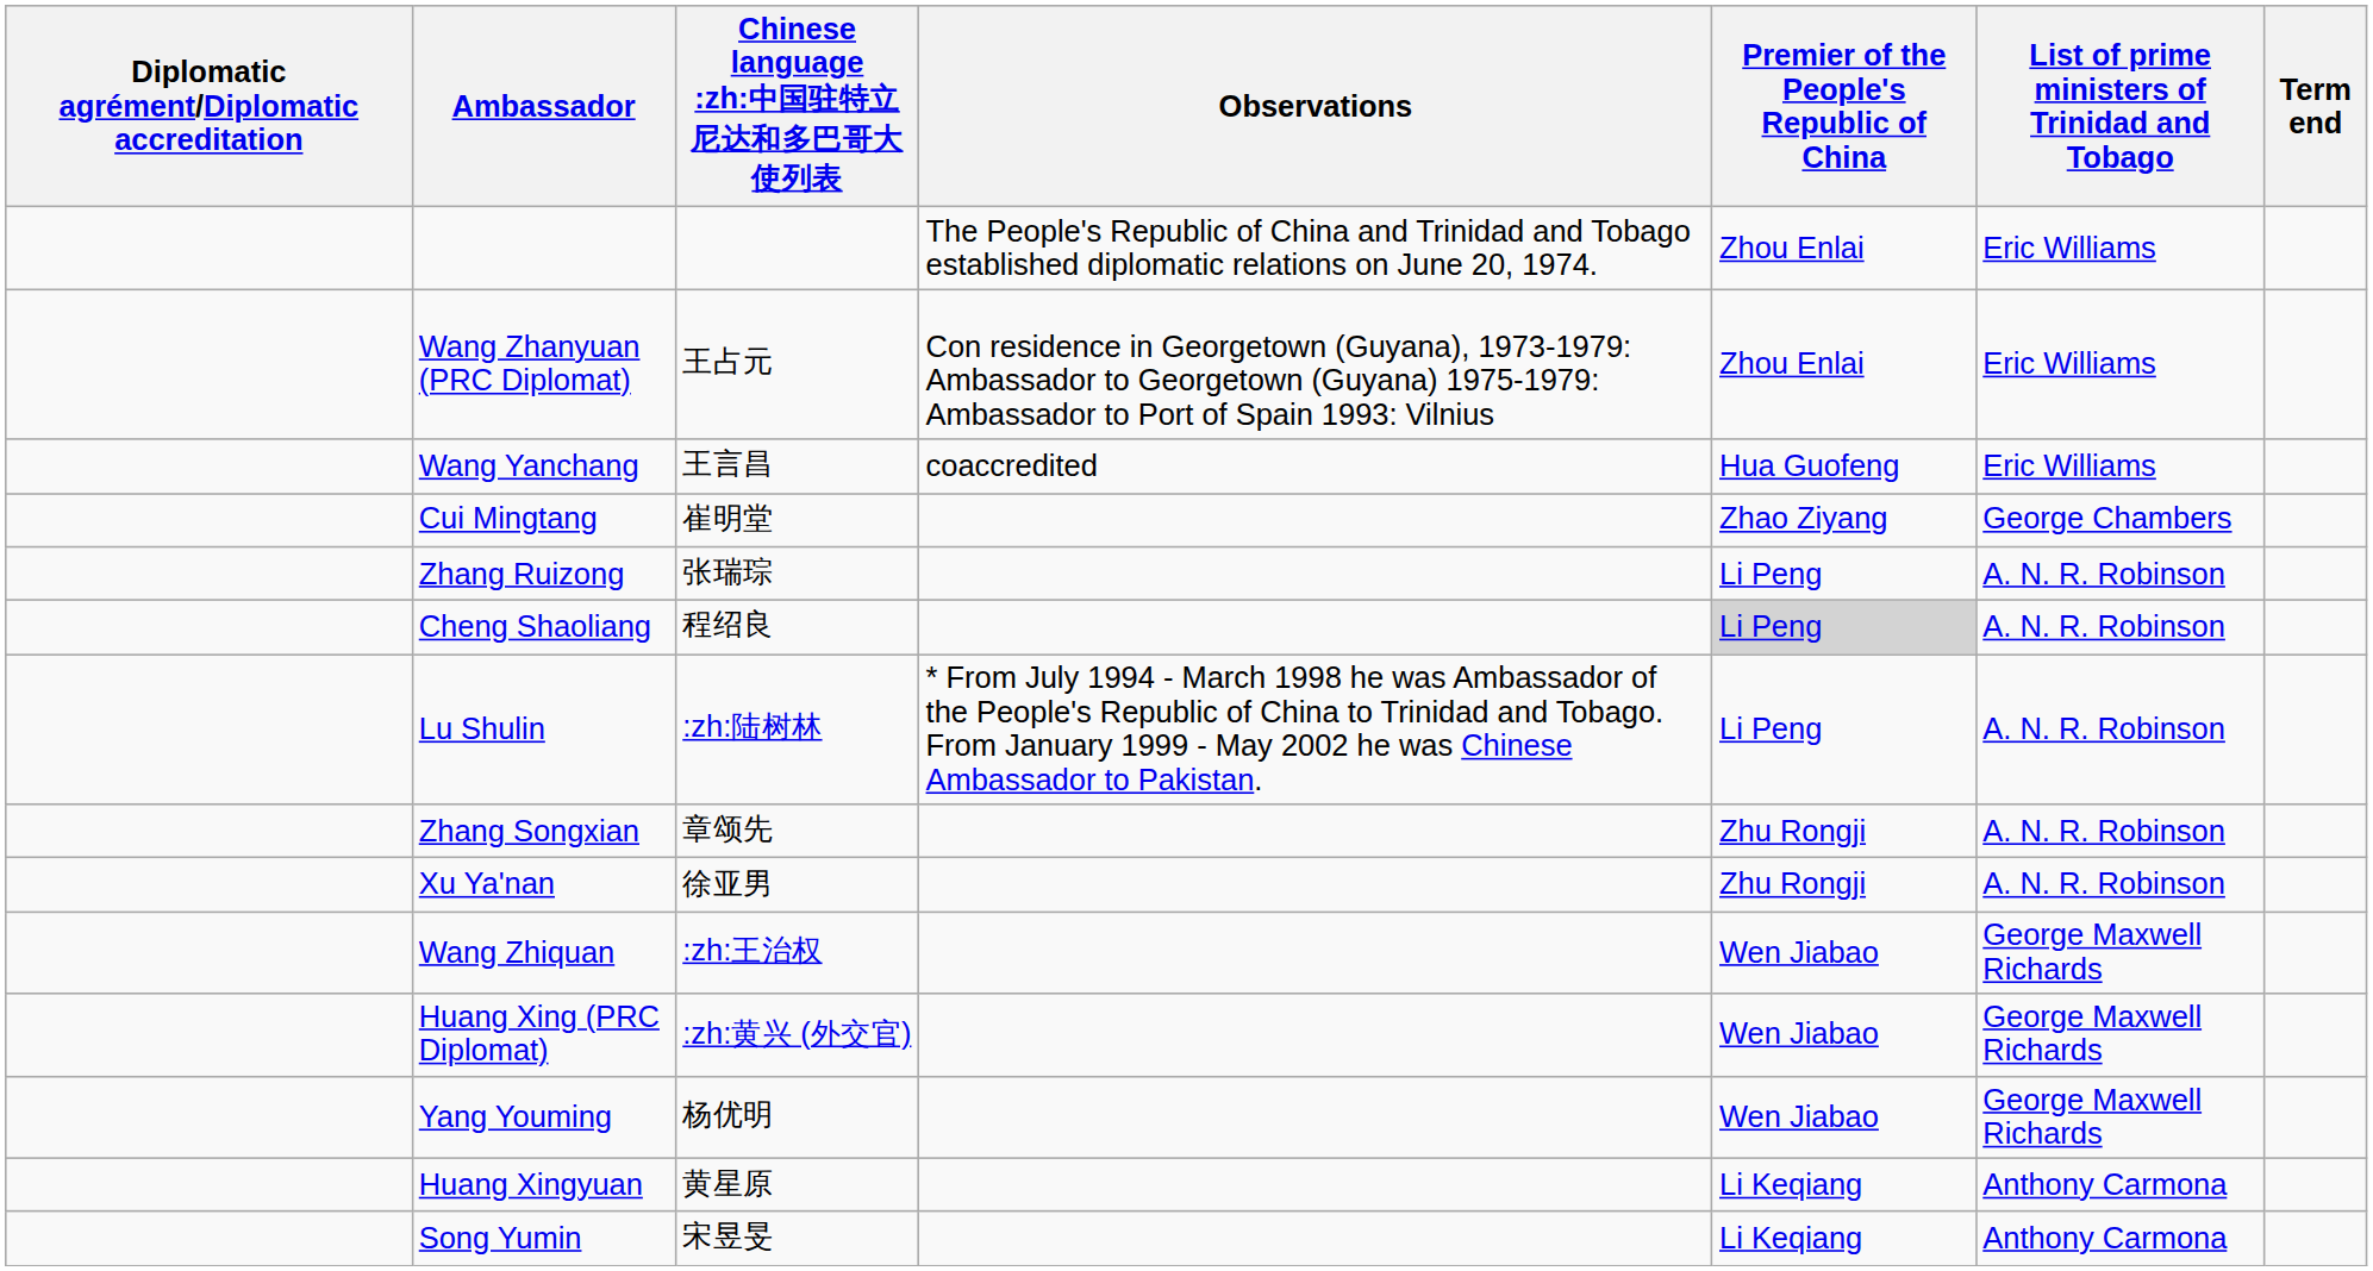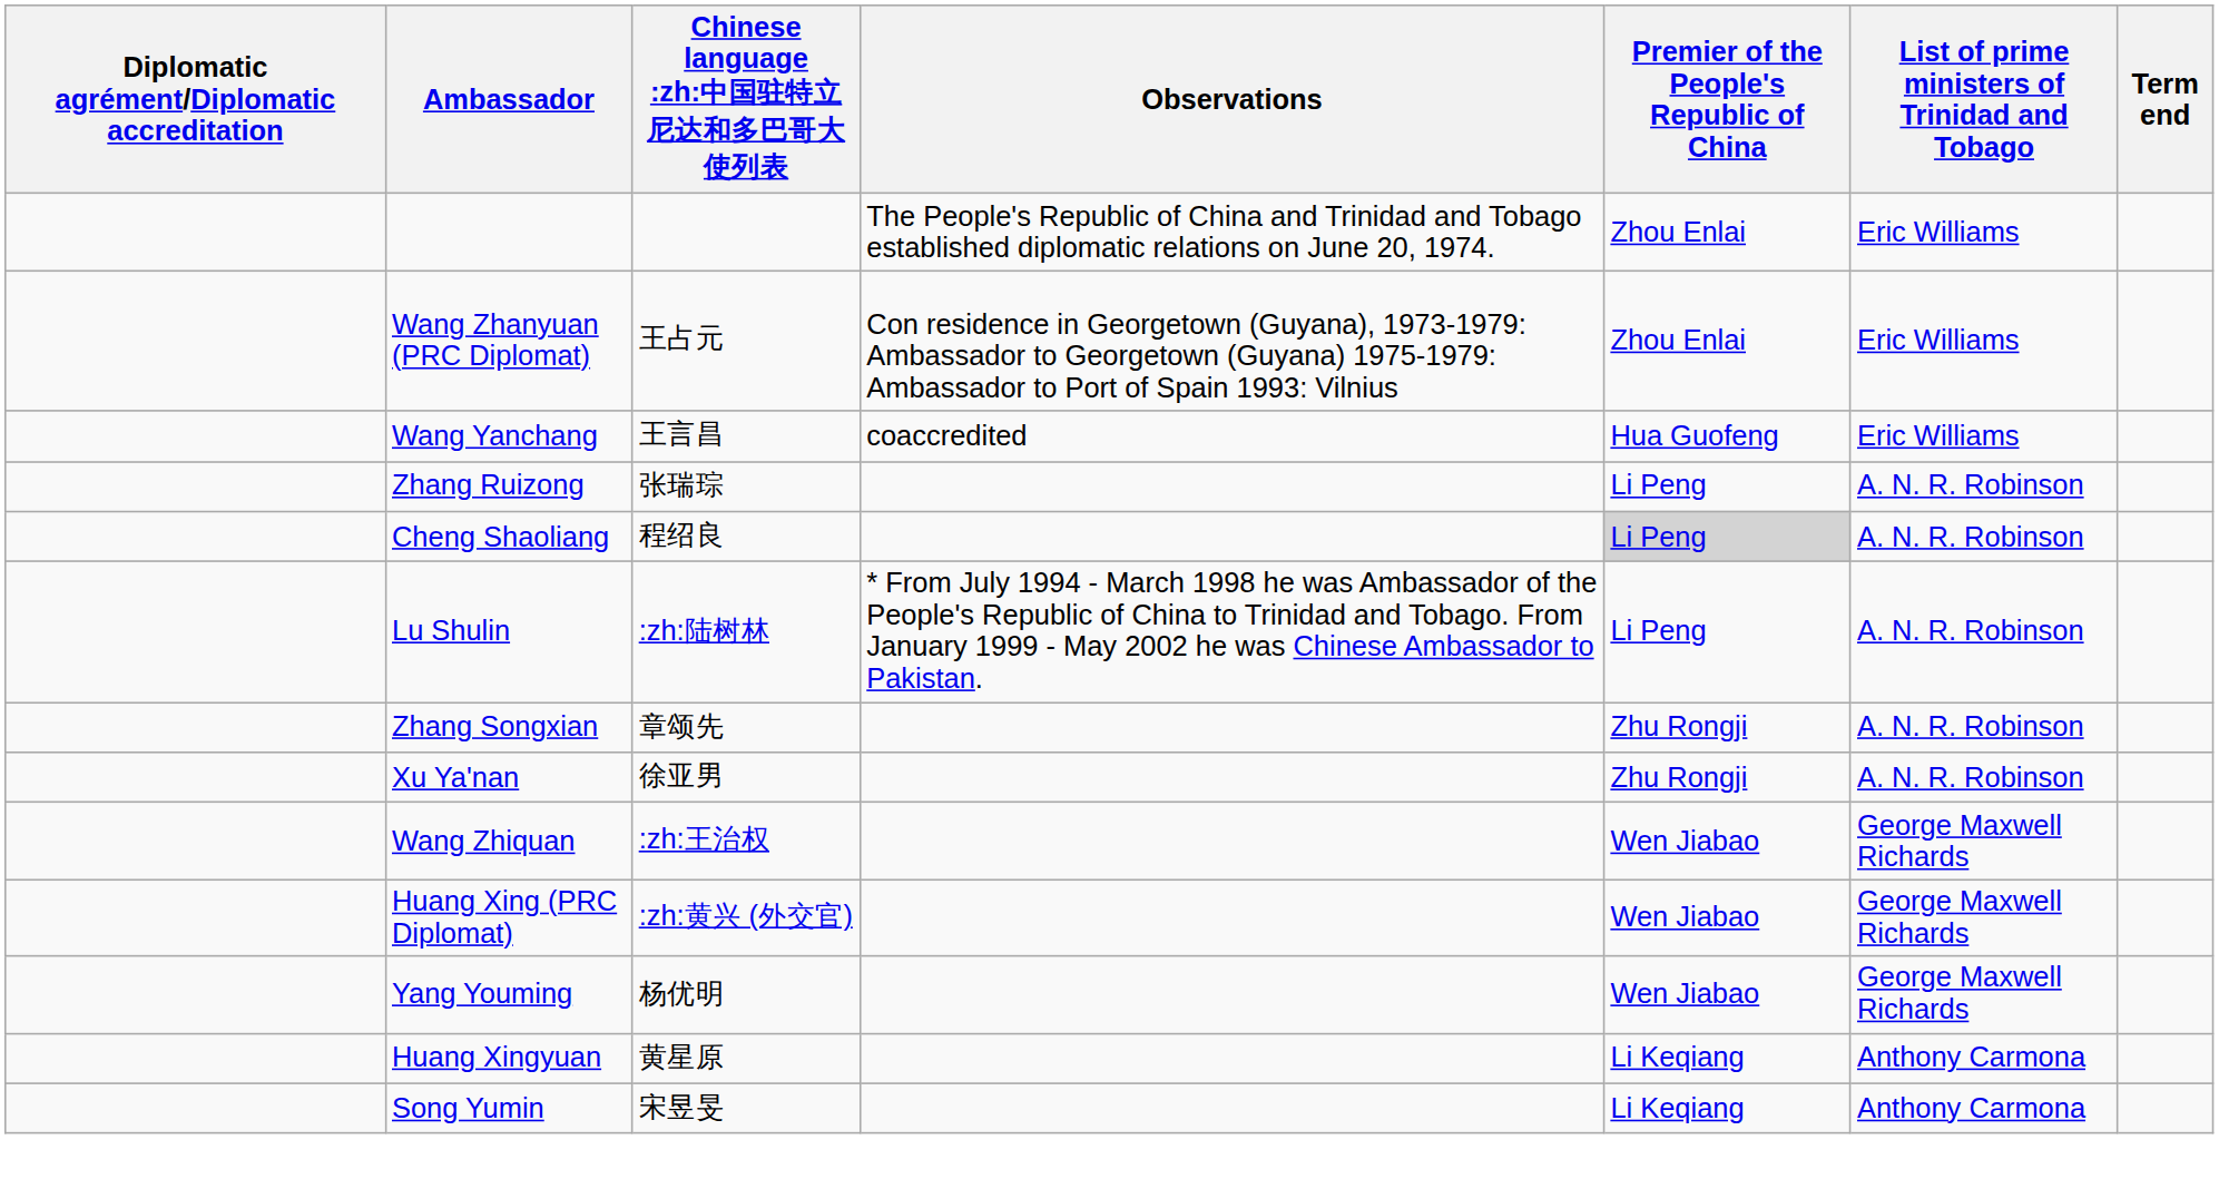 <table class="wikitable sortable">
 <tr>
 <th>Diplomatic <a href='#'>agrément</a>/<a href='#'>Diplomatic accreditation</a></th>
 <th><a href='#'>Ambassador</a></th>
 <th><a href='#'>Chinese language</a><br><a href='#'>:zh:中国驻特立尼达和多巴哥大使列表</a></th>
 <th>Observations</th>
 <th><a href='#'>Premier of the People's Republic of China</a></th>
 <th><a href='#'>List of prime ministers of Trinidad and Tobago</a></th>
 <th>Term end</th>
 </tr>
 <tr>
 <td></td>
 <td></td>
 <td></td>
 <td>The People's Republic of China and Trinidad and Tobago established diplomatic relations on June 20, 1974.</td>
 <td><a href='#'>Zhou Enlai</a></td>
 <td><a href='#'>Eric Williams</a></td>
 <td></td>
 </tr>
 <tr>
 <td></td>
 <td><a href='#'>Wang Zhanyuan (PRC Diplomat)</a></td>
 <td>王占元</td>
 <td><br>Con residence in Georgetown (Guyana), 1973-1979: Ambassador to Georgetown (Guyana) 1975-1979: Ambassador to Port of Spain  1993: Vilnius</td>
 <td><a href='#'>Zhou Enlai</a></td>
 <td><a href='#'>Eric Williams</a></td>
 <td></td>
 </tr>
 <tr>
 <td></td>
 <td><a href='#'>Wang Yanchang</a></td>
 <td>王言昌</td>
 <td>coaccredited</td>
 <td><a href='#'>Hua Guofeng</a></td>
 <td><a href='#'>Eric Williams</a></td>
-<td></td>
-</tr>
-<tr>
-<td></td>
-<td><a href='#'>Cui Mingtang</a></td>
-<td>崔明堂</td>
-<td></td>
-<td><a href='#'>Zhao Ziyang</a></td>
-<td><a href='#'>George Chambers</a></td>
 <td></td>
 </tr>
 <tr>
 <td></td>
 <td><a href='#'>Zhang Ruizong</a></td>
 <td>张瑞琮</td>
 <td></td>
 <td><a href='#'>Li Peng</a></td>
 <td><a href='#'>A. N. R. Robinson</a></td>
 <td></td>
 </tr>
 <tr>
 <td></td>
 <td><a href='#'>Cheng Shaoliang</a></td>
 <td>程绍良</td>
 <td></td>
 <td style="background: lightgrey;"><a href='#'>Li Peng</a></td>
 <td><a href='#'>A. N. R. Robinson</a></td>
 <td></td>
 </tr>
 <tr>
 <td></td>
 <td><a href='#'>Lu Shulin</a></td>
 <td><a href='#'>:zh:陆树林 </a></td>
 <td>* From July 1994 - March 1998 he was Ambassador of the People's Republic of China to Trinidad and Tobago. From January 1999 - May 2002 he was <a href='#'>Chinese Ambassador to Pakistan</a>.</td>
 <td><a href='#'>Li Peng</a></td>
 <td><a href='#'>A. N. R. Robinson</a></td>
 <td></td>
 </tr>
 <tr>
 <td></td>
 <td><a href='#'>Zhang Songxian</a></td>
 <td>章颂先</td>
 <td></td>
 <td><a href='#'>Zhu Rongji</a></td>
 <td><a href='#'>A. N. R. Robinson</a></td>
 <td></td>
 </tr>
 <tr>
 <td></td>
 <td><a href='#'>Xu Ya'nan</a></td>
 <td>徐亚男</td>
 <td></td>
 <td><a href='#'>Zhu Rongji</a></td>
 <td><a href='#'>A. N. R. Robinson</a></td>
 <td></td>
 </tr>
 <tr>
 <td></td>
 <td><a href='#'>Wang Zhiquan</a></td>
 <td><a href='#'>:zh:王治权 </a></td>
 <td></td>
 <td><a href='#'>Wen Jiabao</a></td>
 <td><a href='#'>George Maxwell Richards</a></td>
 <td></td>
 </tr>
 <tr>
 <td></td>
 <td><a href='#'>Huang Xing (PRC Diplomat)</a></td>
 <td><a href='#'>:zh:黄兴 (外交官)</a></td>
 <td></td>
 <td><a href='#'>Wen Jiabao</a></td>
 <td><a href='#'>George Maxwell Richards</a></td>
 <td></td>
 </tr>
 <tr>
 <td></td>
 <td><a href='#'>Yang Youming</a></td>
 <td>杨优明</td>
 <td></td>
 <td><a href='#'>Wen Jiabao</a></td>
 <td><a href='#'>George Maxwell Richards</a></td>
 <td></td>
 </tr>
 <tr>
 <td></td>
 <td><a href='#'>Huang Xingyuan</a></td>
 <td>黄星原</td>
 <td></td>
 <td><a href='#'>Li Keqiang</a></td>
 <td><a href='#'>Anthony Carmona</a></td>
 <td></td>
 </tr>
 <tr>
 <td></td>
 <td><a href='#'>Song Yumin</a></td>
 <td>宋昱旻</td>
 <td></td>
 <td><a href='#'>Li Keqiang</a></td>
 <td><a href='#'>Anthony Carmona</a></td>
 <td></td>
 </tr>
 </table>
